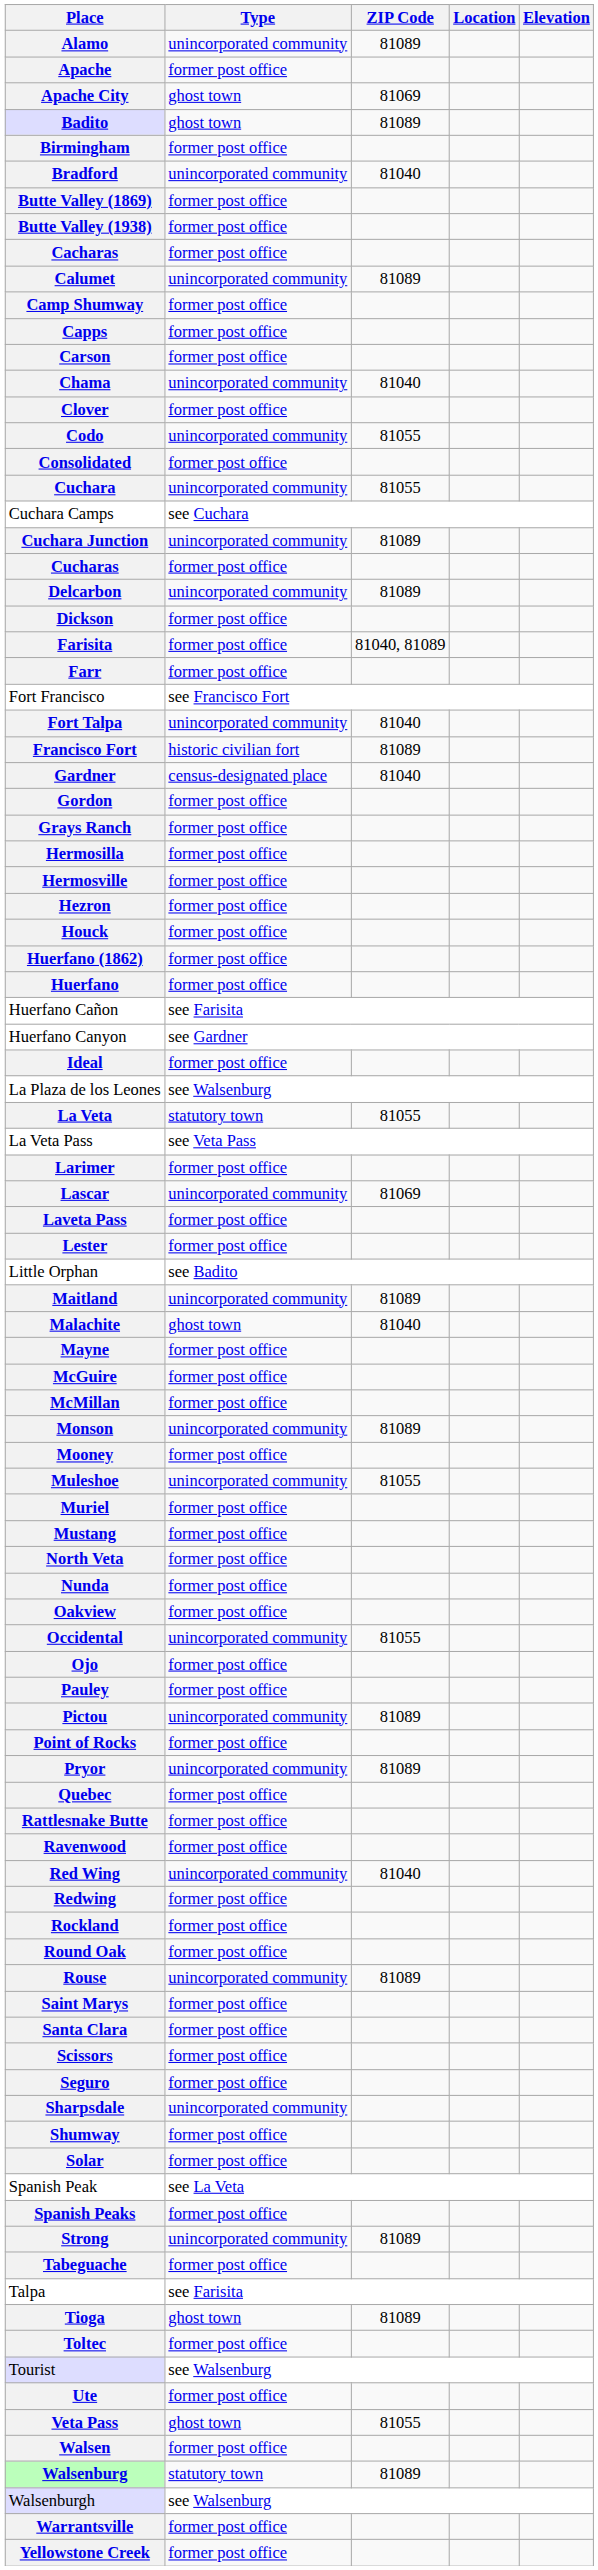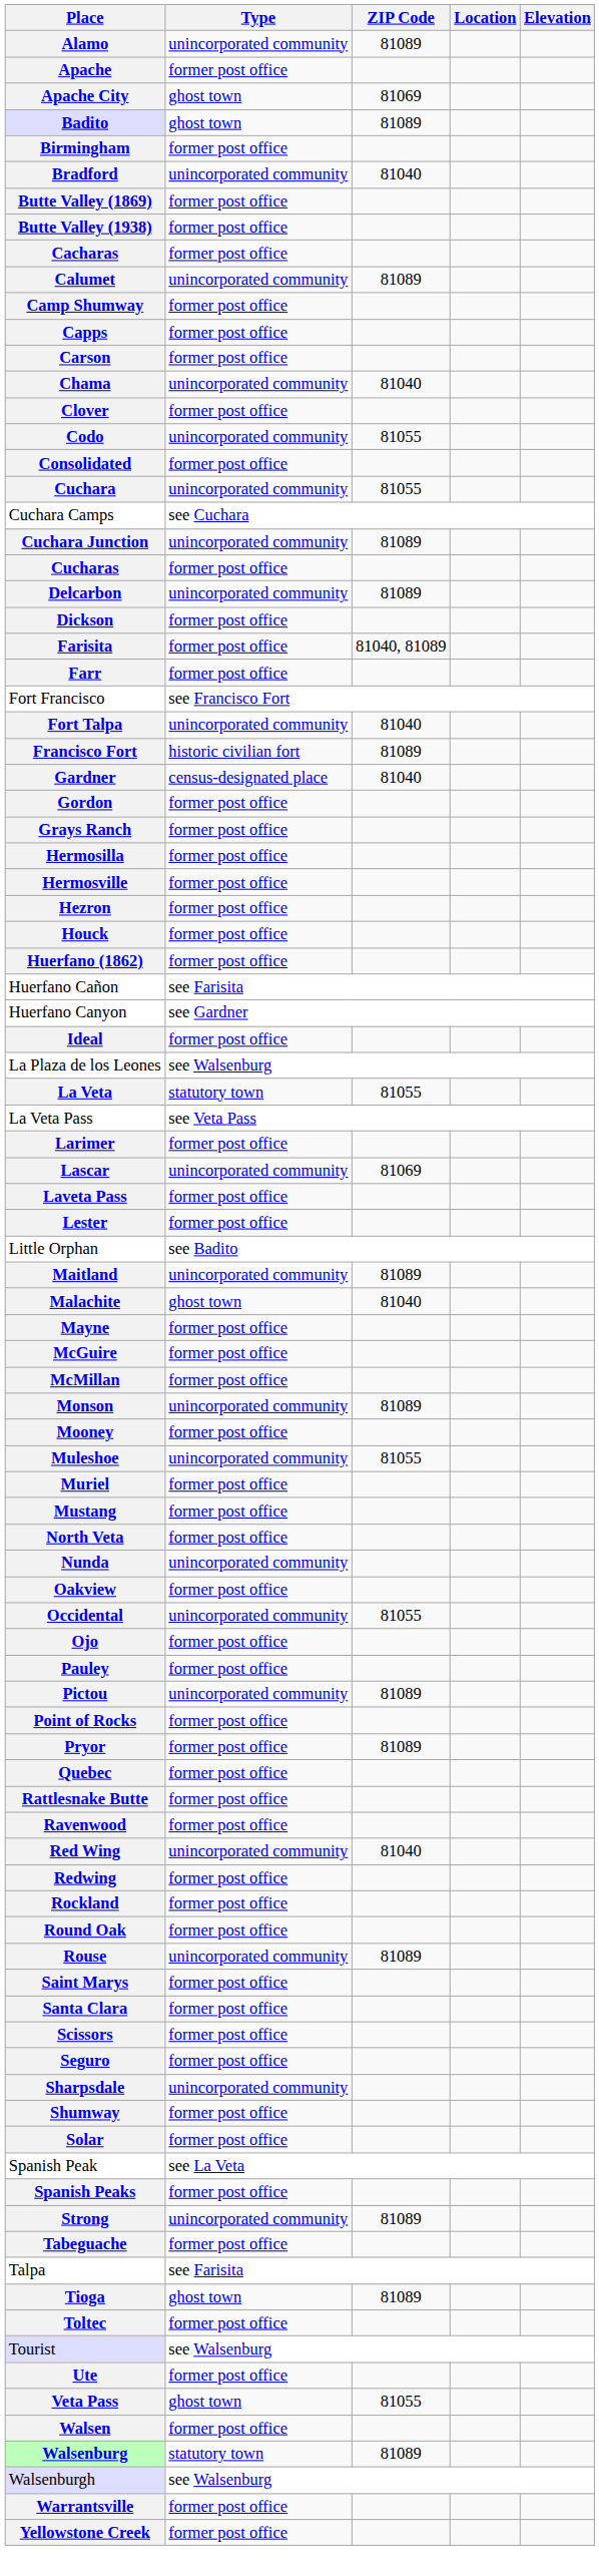 <table class="wikitable sortable  plainrowheaders" style="margin:auto;">
 <tr>
 <th scope=col><a href='#'>Place</a></th>
 <th scope=col><a href='#'>Type</a></th>
 <th scope=col><a href='#'>ZIP Code</a></th>
 <th scope=col><a href='#'>Location</a></th>
 <th scope=col><a href='#'>Elevation</a></th>
 </tr>
 <tr>
 <th scope=row><a href='#'>Alamo</a></th>
 <td><a href='#'>unincorporated community</a></td>
 <td align=center>81089</td>
 <td></td>
 <td align=right></td>
 </tr>
 <tr>
 <th scope=row><a href='#'>Apache</a></th>
 <td><a href='#'>former post office</a></td>
 <td align=center></td>
 <td></td>
 <td></td>
 </tr>
 <tr>
 <th scope=row><a href='#'>Apache City</a></th>
 <td><a href='#'>ghost town</a></td>
 <td align=center>81069</td>
 <td></td>
 <td align=right></td>
 </tr>
 <tr>
 <th scope=row style="background:#DDDDFF;"><a href='#'>Badito</a></th>
 <td><a href='#'>ghost town</a></td>
 <td align=center>81089</td>
 <td></td>
 <td align=right></td>
 </tr>
 <tr>
 <th scope=row><a href='#'>Birmingham</a></th>
 <td><a href='#'>former post office</a></td>
 <td align=center></td>
 <td></td>
 <td></td>
 </tr>
 <tr>
 <th scope=row><a href='#'>Bradford</a></th>
 <td><a href='#'>unincorporated community</a></td>
 <td align=center>81040</td>
 <td></td>
 <td align=right></td>
 </tr>
 <tr>
 <th scope=row><a href='#'>Butte Valley (1869)</a></th>
 <td><a href='#'>former post office</a></td>
 <td align=center></td>
 <td></td>
 <td></td>
 </tr>
 <tr>
 <th scope=row><a href='#'>Butte Valley (1938)</a></th>
 <td><a href='#'>former post office</a></td>
 <td align=center></td>
 <td></td>
 <td></td>
 </tr>
 <tr>
 <th scope=row><a href='#'>Cacharas</a></th>
 <td><a href='#'>former post office</a></td>
 <td align=center></td>
 <td></td>
 <td></td>
 </tr>
 <tr>
 <th scope=row><a href='#'>Calumet</a></th>
 <td><a href='#'>unincorporated community</a></td>
 <td align=center>81089</td>
 <td></td>
 <td></td>
 </tr>
 <tr>
 <th scope=row><a href='#'>Camp Shumway</a></th>
 <td><a href='#'>former post office</a></td>
 <td align=center></td>
 <td></td>
 <td></td>
 </tr>
 <tr>
 <th scope=row><a href='#'>Capps</a></th>
 <td><a href='#'>former post office</a></td>
 <td align=center></td>
 <td></td>
 <td></td>
 </tr>
 <tr>
 <th scope=row><a href='#'>Carson</a></th>
 <td><a href='#'>former post office</a></td>
 <td align=center></td>
 <td></td>
 <td></td>
 </tr>
 <tr>
 <th scope=row><a href='#'>Chama</a></th>
 <td><a href='#'>unincorporated community</a></td>
 <td align=center>81040</td>
 <td></td>
 <td align=right></td>
 </tr>
 <tr>
 <th scope=row><a href='#'>Clover</a></th>
 <td><a href='#'>former post office</a></td>
 <td align=center></td>
 <td></td>
 <td></td>
 </tr>
 <tr>
 <th scope=row><a href='#'>Codo</a></th>
 <td><a href='#'>unincorporated community</a></td>
 <td align=center>81055</td>
 <td></td>
 <td align=right></td>
 </tr>
 <tr>
 <th scope=row><a href='#'>Consolidated</a></th>
 <td><a href='#'>former post office</a></td>
 <td align=center></td>
 <td></td>
 <td></td>
 </tr>
 <tr>
 <th scope=row><a href='#'>Cuchara</a></th>
 <td><a href='#'>unincorporated community</a></td>
 <td align=center>81055</td>
 <td></td>
 <td align=right></td>
 </tr>
 <tr bgcolor=white>
 <td>Cuchara Camps</td>
 <td colspan=4>see <a href='#'>Cuchara</a></td>
 </tr>
 <tr>
 <th scope=row><a href='#'>Cuchara Junction</a></th>
 <td><a href='#'>unincorporated community</a></td>
 <td align=center>81089</td>
 <td></td>
 <td align=right></td>
 </tr>
 <tr>
 <th scope=row><a href='#'>Cucharas</a></th>
 <td><a href='#'>former post office</a></td>
 <td align=center></td>
 <td></td>
 <td></td>
 </tr>
 <tr>
 <th scope=row><a href='#'>Delcarbon</a></th>
 <td><a href='#'>unincorporated community</a></td>
 <td align=center>81089</td>
 <td></td>
 <td align=right></td>
 </tr>
 <tr>
 <th scope=row><a href='#'>Dickson</a></th>
 <td><a href='#'>former post office</a></td>
 <td align=center></td>
 <td></td>
 <td></td>
 </tr>
 <tr>
 <th scope=row><a href='#'>Farisita</a></th>
 <td><a href='#'>former post office</a></td>
 <td align=center>81040, 81089</td>
 <td></td>
 <td align=right></td>
 </tr>
 <tr>
 <th scope=row><a href='#'>Farr</a></th>
 <td><a href='#'>former post office</a></td>
 <td align=center></td>
 <td></td>
 <td></td>
 </tr>
 <tr bgcolor=white>
 <td>Fort Francisco</td>
 <td colspan=4>see <a href='#'>Francisco Fort</a></td>
 </tr>
 <tr>
 <th scope=row><a href='#'>Fort Talpa</a></th>
 <td><a href='#'>unincorporated community</a></td>
 <td align=center>81040</td>
 <td></td>
 <td></td>
 </tr>
 <tr>
 <th scope=row><a href='#'>Francisco Fort</a></th>
 <td><a href='#'>historic civilian fort</a></td>
 <td align=center>81089</td>
 <td></td>
 <td></td>
 </tr>
 <tr>
 <th scope=row><a href='#'>Gardner</a></th>
 <td><a href='#'>census-designated place</a></td>
 <td align=center>81040</td>
 <td></td>
 <td align=right></td>
 </tr>
 <tr>
 <th scope=row><a href='#'>Gordon</a></th>
 <td><a href='#'>former post office</a></td>
 <td align=center></td>
 <td></td>
 <td></td>
 </tr>
 <tr>
 <th scope=row><a href='#'>Grays Ranch</a></th>
 <td><a href='#'>former post office</a></td>
 <td align=center></td>
 <td></td>
 <td></td>
 </tr>
 <tr>
 <th scope=row><a href='#'>Hermosilla</a></th>
 <td><a href='#'>former post office</a></td>
 <td align=center></td>
 <td></td>
 <td></td>
 </tr>
 <tr>
 <th scope=row><a href='#'>Hermosville</a></th>
 <td><a href='#'>former post office</a></td>
 <td align=center></td>
 <td></td>
 <td></td>
 </tr>
 <tr>
 <th scope=row><a href='#'>Hezron</a></th>
 <td><a href='#'>former post office</a></td>
 <td align=center></td>
 <td></td>
 <td></td>
 </tr>
 <tr>
 <th scope=row><a href='#'>Houck</a></th>
 <td><a href='#'>former post office</a></td>
 <td align=center></td>
 <td></td>
 <td></td>
 </tr>
 <tr>
 <th scope=row><a href='#'>Huerfano (1862)</a></th>
 <td><a href='#'>former post office</a></td>
 <td align=center></td>
 <td></td>
 <td></td>
 </tr>
-<tr>
-<th scope=row><a href='#'>Huerfano</a></th>
-<td><a href='#'>former post office</a></td>
-<td align=center></td>
-<td></td>
-<td></td>
-</tr>
 <tr bgcolor=white>
 <td>Huerfano Cañon</td>
 <td colspan=4>see <a href='#'>Farisita</a></td>
 </tr>
 <tr bgcolor=white>
 <td>Huerfano Canyon</td>
 <td colspan=4>see <a href='#'>Gardner</a></td>
 </tr>
 <tr>
 <th scope=row><a href='#'>Ideal</a></th>
 <td><a href='#'>former post office</a></td>
 <td align=center></td>
 <td></td>
 <td></td>
 </tr>
 <tr bgcolor=white>
 <td>La Plaza de los Leones</td>
 <td colspan=4>see <a href='#'>Walsenburg</a></td>
 </tr>
 <tr>
 <th scope=row><a href='#'>La Veta</a></th>
 <td><a href='#'>statutory town</a></td>
 <td align=center>81055</td>
 <td></td>
 <td align=right></td>
 </tr>
 <tr bgcolor=white>
 <td>La Veta Pass</td>
 <td colspan=4>see <a href='#'>Veta Pass</a></td>
 </tr>
 <tr>
 <th scope=row><a href='#'>Larimer</a></th>
 <td><a href='#'>former post office</a></td>
 <td align=center></td>
 <td></td>
 <td></td>
 </tr>
 <tr>
 <th scope=row><a href='#'>Lascar</a></th>
 <td><a href='#'>unincorporated community</a></td>
 <td align=center>81069</td>
 <td></td>
 <td align=right></td>
 </tr>
 <tr>
 <th scope=row><a href='#'>Laveta Pass</a></th>
 <td><a href='#'>former post office</a></td>
 <td align=center></td>
 <td></td>
 <td></td>
 </tr>
 <tr>
 <th scope=row><a href='#'>Lester</a></th>
 <td><a href='#'>former post office</a></td>
 <td align=center></td>
 <td></td>
 <td></td>
 </tr>
 <tr bgcolor=white>
 <td>Little Orphan</td>
 <td colspan=4>see <a href='#'>Badito</a></td>
 </tr>
 <tr>
 <th scope=row><a href='#'>Maitland</a></th>
 <td><a href='#'>unincorporated community</a></td>
 <td align=center>81089</td>
 <td></td>
 <td align=right></td>
 </tr>
 <tr>
 <th scope=row><a href='#'>Malachite</a></th>
 <td><a href='#'>ghost town</a></td>
 <td align=center>81040</td>
 <td></td>
 <td align=right></td>
 </tr>
 <tr>
 <th scope=row><a href='#'>Mayne</a></th>
 <td><a href='#'>former post office</a></td>
 <td align=center></td>
 <td></td>
 <td></td>
 </tr>
 <tr>
 <th scope=row><a href='#'>McGuire</a></th>
 <td><a href='#'>former post office</a></td>
 <td align=center></td>
 <td></td>
 <td></td>
 </tr>
 <tr>
 <th scope=row><a href='#'>McMillan</a></th>
 <td><a href='#'>former post office</a></td>
 <td align=center></td>
 <td></td>
 <td></td>
 </tr>
 <tr>
 <th scope=row><a href='#'>Monson</a></th>
 <td><a href='#'>unincorporated community</a></td>
 <td align=center>81089</td>
 <td></td>
 <td align=right></td>
 </tr>
 <tr>
 <th scope=row><a href='#'>Mooney</a></th>
 <td><a href='#'>former post office</a></td>
 <td align=center></td>
 <td></td>
 <td></td>
 </tr>
 <tr>
 <th scope=row><a href='#'>Muleshoe</a></th>
 <td><a href='#'>unincorporated community</a></td>
 <td align=center>81055</td>
 <td></td>
 <td align=right></td>
 </tr>
 <tr>
 <th scope=row><a href='#'>Muriel</a></th>
 <td><a href='#'>former post office</a></td>
 <td align=center></td>
 <td></td>
 <td></td>
 </tr>
 <tr>
 <th scope=row><a href='#'>Mustang</a></th>
 <td><a href='#'>former post office</a></td>
 <td align=center></td>
 <td></td>
 <td></td>
 </tr>
 <tr>
 <th scope=row><a href='#'>North Veta</a></th>
 <td><a href='#'>former post office</a></td>
 <td align=center></td>
 <td></td>
 <td></td>
 </tr>
 <tr>
 <th scope=row><a href='#'>Nunda</a></th>
-<td><a href='#'>former post office</a></td>
+<td><a href='#'>unincorporated community</a></td>
 <td align=center></td>
 <td></td>
 <td></td>
 </tr>
 <tr>
 <th scope=row><a href='#'>Oakview</a></th>
 <td><a href='#'>former post office</a></td>
 <td align=center></td>
 <td></td>
 <td></td>
 </tr>
 <tr>
 <th scope=row><a href='#'>Occidental</a></th>
 <td><a href='#'>unincorporated community</a></td>
 <td align=center>81055</td>
 <td></td>
 <td align=right></td>
 </tr>
 <tr>
 <th scope=row><a href='#'>Ojo</a></th>
 <td><a href='#'>former post office</a></td>
 <td align=center></td>
 <td></td>
 <td></td>
 </tr>
 <tr>
 <th scope=row><a href='#'>Pauley</a></th>
 <td><a href='#'>former post office</a></td>
 <td align=center></td>
 <td></td>
 <td></td>
 </tr>
 <tr>
 <th scope=row><a href='#'>Pictou</a></th>
 <td><a href='#'>unincorporated community</a></td>
 <td align=center>81089</td>
 <td></td>
 <td align=right></td>
 </tr>
 <tr>
 <th scope=row><a href='#'>Point of Rocks</a></th>
 <td><a href='#'>former post office</a></td>
 <td align=center></td>
 <td></td>
 <td></td>
 </tr>
 <tr>
 <th scope=row><a href='#'>Pryor</a></th>
-<td><a href='#'>unincorporated community</a></td>
+<td><a href='#'>former post office</a></td>
 <td align=center>81089</td>
 <td></td>
 <td align=right></td>
 </tr>
 <tr>
 <th scope=row><a href='#'>Quebec</a></th>
 <td><a href='#'>former post office</a></td>
 <td align=center></td>
 <td></td>
 <td></td>
 </tr>
 <tr>
 <th scope=row><a href='#'>Rattlesnake Butte</a></th>
 <td><a href='#'>former post office</a></td>
 <td align=center></td>
 <td></td>
 <td></td>
 </tr>
 <tr>
 <th scope=row><a href='#'>Ravenwood</a></th>
 <td><a href='#'>former post office</a></td>
 <td align=center></td>
 <td></td>
 <td></td>
 </tr>
 <tr>
 <th scope=row><a href='#'>Red Wing</a></th>
 <td><a href='#'>unincorporated community</a></td>
 <td align=center>81040</td>
 <td></td>
 <td align=right></td>
 </tr>
 <tr>
 <th scope=row><a href='#'>Redwing</a></th>
 <td><a href='#'>former post office</a></td>
 <td align=center></td>
 <td></td>
 <td></td>
 </tr>
 <tr>
 <th scope=row><a href='#'>Rockland</a></th>
 <td><a href='#'>former post office</a></td>
 <td align=center></td>
 <td></td>
 <td></td>
 </tr>
 <tr>
 <th scope=row><a href='#'>Round Oak</a></th>
 <td><a href='#'>former post office</a></td>
 <td align=center></td>
 <td></td>
 <td></td>
 </tr>
 <tr>
 <th scope=row><a href='#'>Rouse</a></th>
 <td><a href='#'>unincorporated community</a></td>
 <td align=center>81089</td>
 <td></td>
 <td align=right></td>
 </tr>
 <tr>
 <th scope=row><a href='#'>Saint Marys</a></th>
 <td><a href='#'>former post office</a></td>
 <td align=center></td>
 <td></td>
 <td></td>
 </tr>
 <tr>
 <th scope=row><a href='#'>Santa Clara</a></th>
 <td><a href='#'>former post office</a></td>
 <td align=center></td>
 <td></td>
 <td></td>
 </tr>
 <tr>
 <th scope=row><a href='#'>Scissors</a></th>
 <td><a href='#'>former post office</a></td>
 <td align=center></td>
 <td></td>
 <td></td>
 </tr>
 <tr>
 <th scope=row><a href='#'>Seguro</a></th>
 <td><a href='#'>former post office</a></td>
 <td align=center></td>
 <td></td>
 <td></td>
 </tr>
 <tr>
 <th scope=row><a href='#'>Sharpsdale</a></th>
 <td><a href='#'>unincorporated community</a></td>
 <td align=center></td>
 <td></td>
 <td></td>
 </tr>
 <tr>
 <th scope=row><a href='#'>Shumway</a></th>
 <td><a href='#'>former post office</a></td>
 <td align=center></td>
 <td></td>
 <td></td>
 </tr>
 <tr>
 <th scope=row><a href='#'>Solar</a></th>
 <td><a href='#'>former post office</a></td>
 <td align=center></td>
 <td></td>
 <td></td>
 </tr>
 <tr bgcolor=white>
 <td>Spanish Peak</td>
 <td colspan=4>see <a href='#'>La Veta</a></td>
 </tr>
 <tr>
 <th scope=row><a href='#'>Spanish Peaks</a></th>
 <td><a href='#'>former post office</a></td>
 <td align=center></td>
 <td></td>
 <td></td>
 </tr>
 <tr>
 <th scope=row><a href='#'>Strong</a></th>
 <td><a href='#'>unincorporated community</a></td>
 <td align=center>81089</td>
 <td></td>
 <td align=right></td>
 </tr>
 <tr>
 <th scope=row><a href='#'>Tabeguache</a></th>
 <td><a href='#'>former post office</a></td>
 <td align=center></td>
 <td></td>
 <td></td>
 </tr>
 <tr bgcolor=white>
 <td>Talpa</td>
 <td colspan=4>see <a href='#'>Farisita</a></td>
 </tr>
 <tr>
 <th scope=row><a href='#'>Tioga</a></th>
 <td><a href='#'>ghost town</a></td>
 <td align=center>81089</td>
 <td></td>
 <td align=right></td>
 </tr>
 <tr>
 <th scope=row><a href='#'>Toltec</a></th>
 <td><a href='#'>former post office</a></td>
 <td align=center></td>
 <td></td>
 <td></td>
 </tr>
 <tr bgcolor=white>
 <td style="background:#DDDDFF;">Tourist</td>
 <td colspan=4>see <a href='#'>Walsenburg</a></td>
 </tr>
 <tr>
 <th scope=row><a href='#'>Ute</a></th>
 <td><a href='#'>former post office</a></td>
 <td align=center></td>
 <td></td>
 <td></td>
 </tr>
 <tr>
 <th scope=row><a href='#'>Veta Pass</a></th>
 <td><a href='#'>ghost town</a></td>
 <td align=center>81055</td>
 <td></td>
 <td align=right></td>
 </tr>
 <tr>
 <th scope=row><a href='#'>Walsen</a></th>
 <td><a href='#'>former post office</a></td>
 <td align=center></td>
 <td></td>
 <td></td>
 </tr>
 <tr>
 <th scope=row style="background:#BBFFBB;"><a href='#'>Walsenburg</a></th>
 <td><a href='#'>statutory town</a></td>
 <td align=center>81089</td>
 <td></td>
 <td align=right></td>
 </tr>
 <tr bgcolor=white>
 <td style="background:#DDDDFF;">Walsenburgh</td>
 <td colspan=4>see <a href='#'>Walsenburg</a></td>
 </tr>
 <tr>
 <th scope=row><a href='#'>Warrantsville</a></th>
 <td><a href='#'>former post office</a></td>
 <td align=center></td>
 <td></td>
 <td></td>
 </tr>
 <tr>
 <th scope=row><a href='#'>Yellowstone Creek</a></th>
 <td><a href='#'>former post office</a></td>
 <td align=center></td>
 <td></td>
 <td></td>
 </tr>
 </table>
